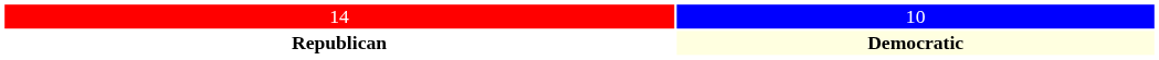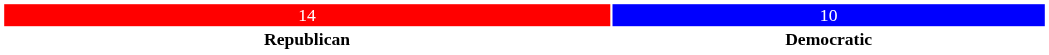 <table style="width:60%; text-align:center;">
 <tr style="color:white;">
 <td style="background:red; width:58.3%;">14</td>
 <td style="background:blue; width:41.7%;">10</td>
 </tr>
 <tr>
 <td><span><strong>Republican</strong></span></td>
-<td style="background: lightyellow;"><span><strong>Democratic</strong></span></td>
+<td><span><strong>Democratic</strong></span></td>
 </tr>
 </table>
